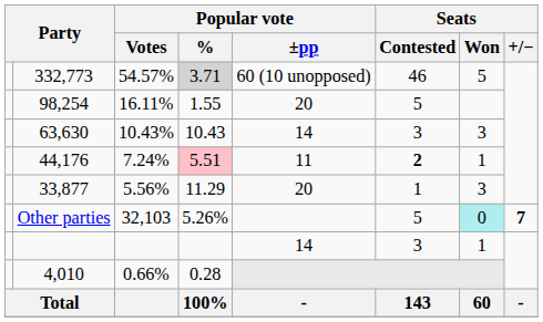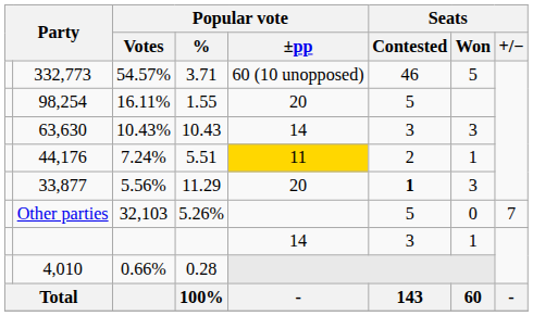 <table class="wikitable sortable" style="text-align:center;">
 <tr>
 <th colspan="2" rowspan="2">Party</th>
 <th colspan="3">Popular vote</th>
 <th colspan="3">Seats</th>
 </tr>
 <tr>
 <th>Votes</th>
 <th>%</th>
 <th>±<a href='#'>pp</a></th>
 <th>Contested</th>
 <th>Won</th>
 <th><strong>+/−</strong></th>
 </tr>
 <tr>
 <td></td>
 <td>332,773</td>
 <td>54.57%</td>
-<td style="background: lightgrey;">3.71</td>
+<td>3.71</td>
 <td>60 (10 unopposed)</td>
 <td>46</td>
 <td>5</td>
 </tr>
 <tr>
 <td></td>
 <td>98,254</td>
 <td>16.11%</td>
 <td>1.55</td>
 <td>20</td>
 <td>5</td>
 <td></td>
 </tr>
 <tr>
 <td></td>
 <td>63,630</td>
 <td>10.43%</td>
 <td>10.43</td>
 <td>14</td>
 <td>3</td>
 <td>3</td>
 </tr>
 <tr>
 <td></td>
 <td>44,176</td>
 <td>7.24%</td>
-<td style="background: pink;">5.51</td>
-<td>11</td>
-<td><strong>2</strong></td>
+<td>5.51</td>
+<td style="background: gold;">11</td>
+<td>2</td>
 <td>1</td>
 </tr>
 <tr>
 <td></td>
 <td>33,877</td>
 <td>5.56%</td>
 <td>11.29</td>
 <td>20</td>
-<td>1</td>
+<td><strong>1</strong></td>
 <td>3</td>
 </tr>
 <tr>
 <td bgcolor=></td>
 <td Align="left"><a href='#'>Other parties</a></td>
 <td>32,103</td>
 <td>5.26%</td>
 <td></td>
 <td>5</td>
-<td style="background: paleturquoise;">0</td>
-<td><strong>7</strong></td>
+<td>0</td>
+<td>7</td>
 </tr>
 <tr>
 <td></td>
 <td></td>
 <td></td>
 <td></td>
 <td>14</td>
 <td>3</td>
 <td>1</td>
 </tr>
 <tr>
 <td></td>
 <td>4,010</td>
 <td>0.66%</td>
 <td>0.28</td>
 <th colspan="3" style="background-color:#E9E9E9"></th>
 </tr>
 <tr>
 <th colspan="2">Total</th>
 <th></th>
 <th>100%</th>
 <th>-</th>
 <th>143</th>
 <th>60</th>
 <th>-</th>
 </tr>
 <tr>
 </tr>
 </table>
